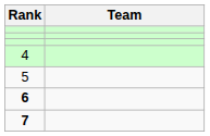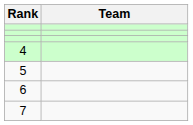 <table class="wikitable">
 <tr>
 <th width=40>Rank</th>
 <th width=180>Team</th>
 </tr>
 <tr style="background-color:#ccffcc">
 <td align=center></td>
 <td align="left"></td>
 </tr>
 <tr style="background-color:#ccffcc">
 <td align=center></td>
 <td align="left"></td>
 </tr>
 <tr style="background-color:#ccffcc">
 <td align=center></td>
 <td align="left"></td>
 </tr>
 <tr style="background-color:#ccffcc">
 <td align=center>4</td>
 <td align="left"></td>
 </tr>
 <tr>
 <td align=center>5</td>
 <td align="left"></td>
 </tr>
 <tr>
-<td align=center><strong>6</strong></td>
+<td align=center>6</td>
 <td align="left"></td>
 </tr>
 <tr>
-<td align=center><strong>7</strong></td>
+<td align=center>7</td>
 <td align="left"></td>
 </tr>
 </table>
